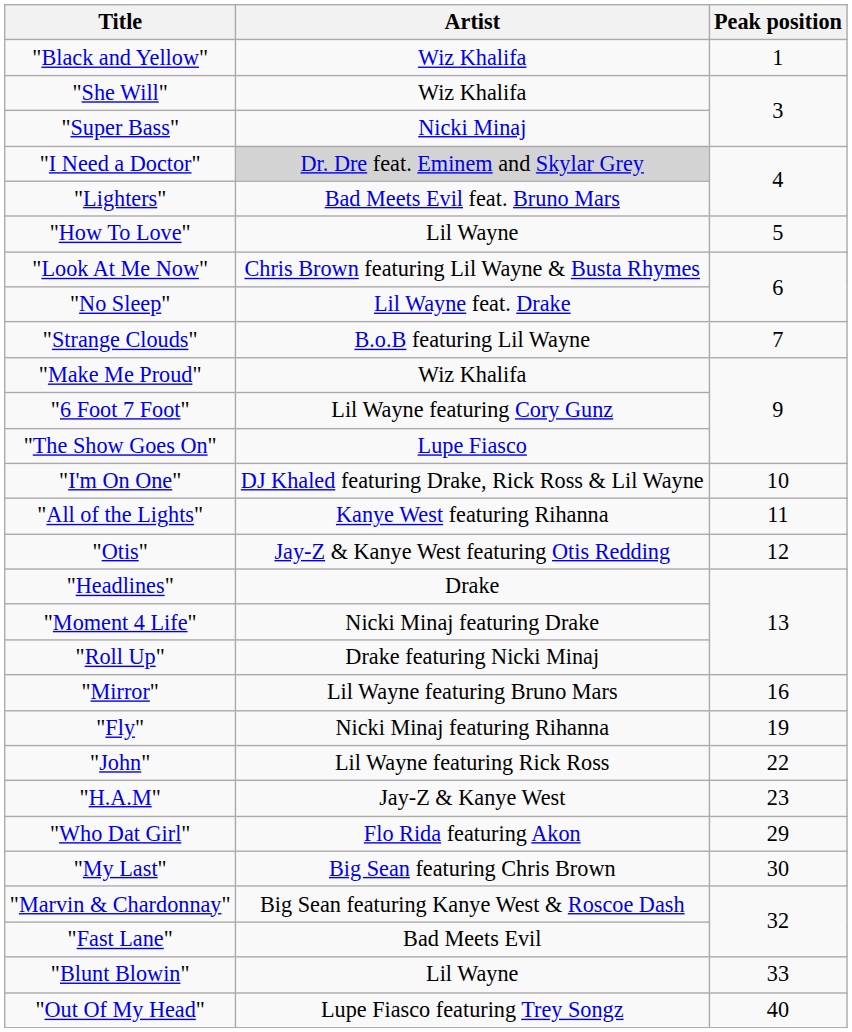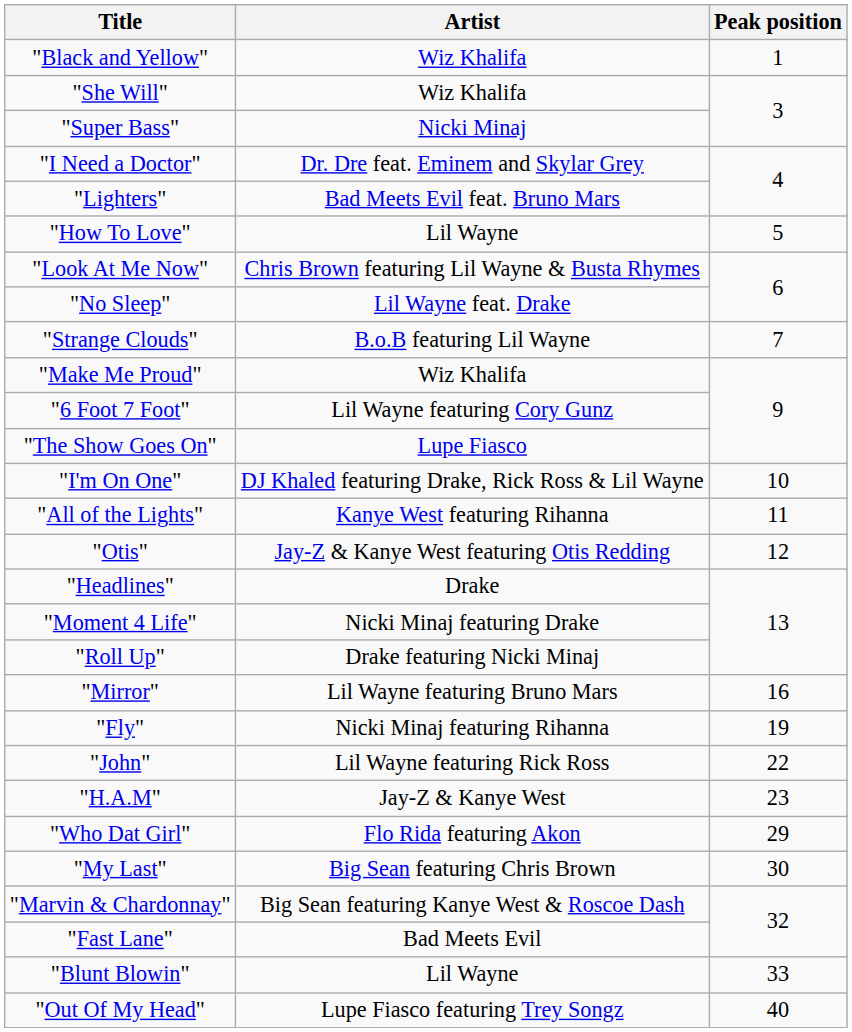 <table class="wikitable sortable plainrowheaders" style="text-align:center;">
 <tr>
 <th scope="col">Title</th>
 <th scope="col">Artist</th>
 <th scope="col">Peak position</th>
 </tr>
 <tr>
 <td>"<a href='#'>Black and Yellow</a>"</td>
 <td><a href='#'>Wiz Khalifa</a></td>
 <td>1</td>
 </tr>
 <tr>
 <td>"<a href='#'>She Will</a>"</td>
 <td>Wiz Khalifa</td>
 <td rowspan="2">3</td>
 </tr>
 <tr>
 <td>"<a href='#'>Super Bass</a>"</td>
 <td><a href='#'>Nicki Minaj</a></td>
 </tr>
 <tr>
 <td>"<a href='#'>I Need a Doctor</a>"</td>
-<td style="background: lightgrey;"><a href='#'>Dr. Dre</a> feat. <a href='#'>Eminem</a> and <a href='#'>Skylar Grey</a></td>
+<td><a href='#'>Dr. Dre</a> feat. <a href='#'>Eminem</a> and <a href='#'>Skylar Grey</a></td>
 <td rowspan="2">4</td>
 </tr>
 <tr>
 <td>"<a href='#'>Lighters</a>"</td>
 <td><a href='#'>Bad Meets Evil</a> feat. <a href='#'>Bruno Mars</a></td>
 </tr>
 <tr>
 <td>"<a href='#'>How To Love</a>"</td>
 <td>Lil Wayne</td>
 <td>5</td>
 </tr>
 <tr>
 <td>"<a href='#'>Look At Me Now</a>"</td>
 <td><a href='#'>Chris Brown</a> featuring Lil Wayne & <a href='#'>Busta Rhymes</a></td>
 <td rowspan="2">6</td>
 </tr>
 <tr>
 <td>"<a href='#'>No Sleep</a>"</td>
 <td><a href='#'>Lil Wayne</a> feat. <a href='#'>Drake</a></td>
 </tr>
 <tr>
 <td>"<a href='#'>Strange Clouds</a>"</td>
 <td><a href='#'>B.o.B</a> featuring Lil Wayne</td>
 <td>7</td>
 </tr>
 <tr>
 <td>"<a href='#'>Make Me Proud</a>"</td>
 <td>Wiz Khalifa</td>
 <td rowspan="3">9</td>
 </tr>
 <tr>
 <td>"<a href='#'>6 Foot 7 Foot</a>"</td>
 <td>Lil Wayne featuring <a href='#'>Cory Gunz</a></td>
 </tr>
 <tr>
 <td>"<a href='#'>The Show Goes On</a>"</td>
 <td><a href='#'>Lupe Fiasco</a></td>
 </tr>
 <tr>
 <td>"<a href='#'>I'm On One</a>"</td>
 <td><a href='#'>DJ Khaled</a> featuring Drake, Rick Ross & Lil Wayne</td>
 <td>10</td>
 </tr>
 <tr>
 <td>"<a href='#'>All of the Lights</a>"</td>
 <td><a href='#'>Kanye West</a> featuring Rihanna</td>
 <td>11</td>
 </tr>
 <tr>
 <td>"<a href='#'>Otis</a>"</td>
 <td><a href='#'>Jay-Z</a> & Kanye West featuring <a href='#'>Otis Redding</a></td>
 <td>12</td>
 </tr>
 <tr>
 <td>"<a href='#'>Headlines</a>"</td>
 <td>Drake</td>
 <td rowspan="3">13</td>
 </tr>
 <tr>
 <td>"<a href='#'>Moment 4 Life</a>"</td>
 <td>Nicki Minaj featuring Drake</td>
 </tr>
 <tr>
 <td>"<a href='#'>Roll Up</a>"</td>
 <td>Drake featuring Nicki Minaj</td>
 </tr>
 <tr>
 <td>"<a href='#'>Mirror</a>"</td>
 <td>Lil Wayne featuring Bruno Mars</td>
 <td>16</td>
 </tr>
 <tr>
 <td>"<a href='#'>Fly</a>"</td>
 <td>Nicki Minaj featuring Rihanna</td>
 <td>19</td>
 </tr>
 <tr>
 <td>"<a href='#'>John</a>"</td>
 <td>Lil Wayne featuring Rick Ross</td>
 <td>22</td>
 </tr>
 <tr>
 <td>"<a href='#'>H.A.M</a>"</td>
 <td>Jay-Z & Kanye West</td>
 <td>23</td>
 </tr>
 <tr>
 <td>"<a href='#'>Who Dat Girl</a>"</td>
 <td><a href='#'>Flo Rida</a> featuring <a href='#'>Akon</a></td>
 <td>29</td>
 </tr>
 <tr>
 <td>"<a href='#'>My Last</a>"</td>
 <td><a href='#'>Big Sean</a> featuring Chris Brown</td>
 <td>30</td>
 </tr>
 <tr>
 <td>"<a href='#'>Marvin & Chardonnay</a>"</td>
 <td>Big Sean featuring Kanye West & <a href='#'>Roscoe Dash</a></td>
 <td rowspan="2">32</td>
 </tr>
 <tr>
 <td>"<a href='#'>Fast Lane</a>"</td>
 <td>Bad Meets Evil</td>
 </tr>
 <tr>
 <td>"<a href='#'>Blunt Blowin</a>"</td>
 <td>Lil Wayne</td>
 <td>33</td>
 </tr>
 <tr>
 <td>"<a href='#'>Out Of My Head</a>"</td>
 <td>Lupe Fiasco featuring <a href='#'>Trey Songz</a></td>
 <td>40</td>
 </tr>
 </table>
